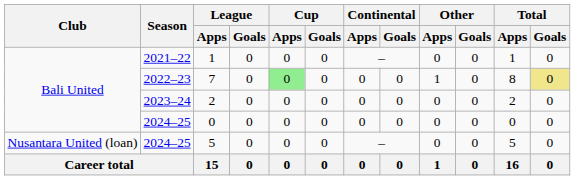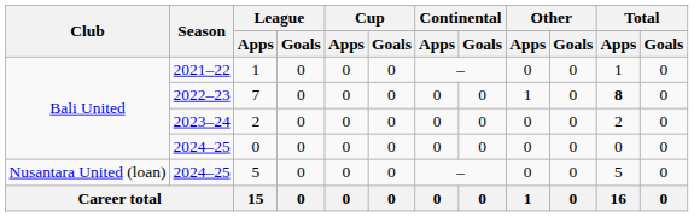 <table class="wikitable" style="text-align: center">
 <tr>
 <th rowspan="2">Club</th>
 <th rowspan="2">Season</th>
 <th colspan="2">League</th>
 <th colspan="2">Cup</th>
 <th colspan="2">Continental</th>
 <th colspan="2">Other</th>
 <th colspan="2">Total</th>
 </tr>
 <tr>
 <th>Apps</th>
 <th>Goals</th>
 <th>Apps</th>
 <th>Goals</th>
 <th>Apps</th>
 <th>Goals</th>
 <th>Apps</th>
 <th>Goals</th>
 <th>Apps</th>
 <th>Goals</th>
 </tr>
 <tr>
 <td rowspan="4"><a href='#'>Bali United</a></td>
 <td><a href='#'>2021–22</a></td>
 <td>1</td>
 <td>0</td>
 <td>0</td>
 <td>0</td>
 <td colspan="2">–</td>
 <td>0</td>
 <td>0</td>
 <td>1</td>
 <td>0</td>
 </tr>
 <tr>
 <td><a href='#'>2022–23</a></td>
 <td>7</td>
 <td>0</td>
-<td style="background: lightgreen;">0</td>
+<td>0</td>
 <td>0</td>
 <td>0</td>
 <td>0</td>
 <td>1</td>
 <td>0</td>
-<td>8</td>
-<td style="background: khaki;">0</td>
+<td><strong>8</strong></td>
+<td>0</td>
 </tr>
 <tr>
 <td><a href='#'>2023–24</a></td>
 <td>2</td>
 <td>0</td>
 <td>0</td>
 <td>0</td>
 <td>0</td>
 <td>0</td>
 <td>0</td>
 <td>0</td>
 <td>2</td>
 <td>0</td>
 </tr>
 <tr>
 <td><a href='#'>2024–25</a></td>
 <td>0</td>
 <td>0</td>
 <td>0</td>
 <td>0</td>
 <td>0</td>
 <td>0</td>
 <td>0</td>
 <td>0</td>
 <td>0</td>
 <td>0</td>
 </tr>
 <tr>
 <td rowspan="1"><a href='#'>Nusantara United</a> (loan)</td>
 <td><a href='#'>2024–25</a></td>
 <td>5</td>
 <td>0</td>
 <td>0</td>
 <td>0</td>
 <td colspan="2">–</td>
 <td>0</td>
 <td>0</td>
 <td>5</td>
 <td>0</td>
 </tr>
 <tr>
 <th colspan=2>Career total</th>
 <th>15</th>
 <th>0</th>
 <th>0</th>
 <th>0</th>
 <th>0</th>
 <th>0</th>
 <th>1</th>
 <th>0</th>
 <th>16</th>
 <th>0</th>
 </tr>
 </table>
